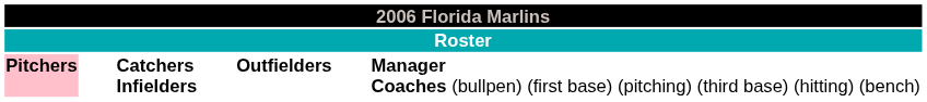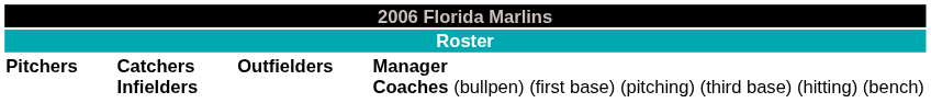 <table class="toccolours" style="font-size: 95%;">
 <tr>
 <th colspan="10" style="background-color: #000000; color: #C9C0BB; text-align: center;">2006 Florida Marlins</th>
 </tr>
 <tr>
 <td colspan="10" style="background-color: #00a8b0; color: white; text-align: center;"><strong>Roster</strong></td>
 </tr>
 <tr>
-<td valign="top" style="background: pink;"><strong>Pitchers</strong><br>                    </td>
+<td valign="top"><strong>Pitchers</strong><br>                    </td>
 <td width="25px"></td>
 <td valign="top"><strong>Catchers</strong><br>   <strong>Infielders</strong>       </td>
 <td width="25px"></td>
 <td valign="top"><strong>Outfielders</strong><br>        </td>
 <td width="25px"></td>
 <td valign="top"><strong>Manager</strong><br> <strong>Coaches</strong>  (bullpen)  (first base)  (pitching)  (third base)  (hitting)  (bench)</td>
 </tr>
 <tr>
 </tr>
 </table>
